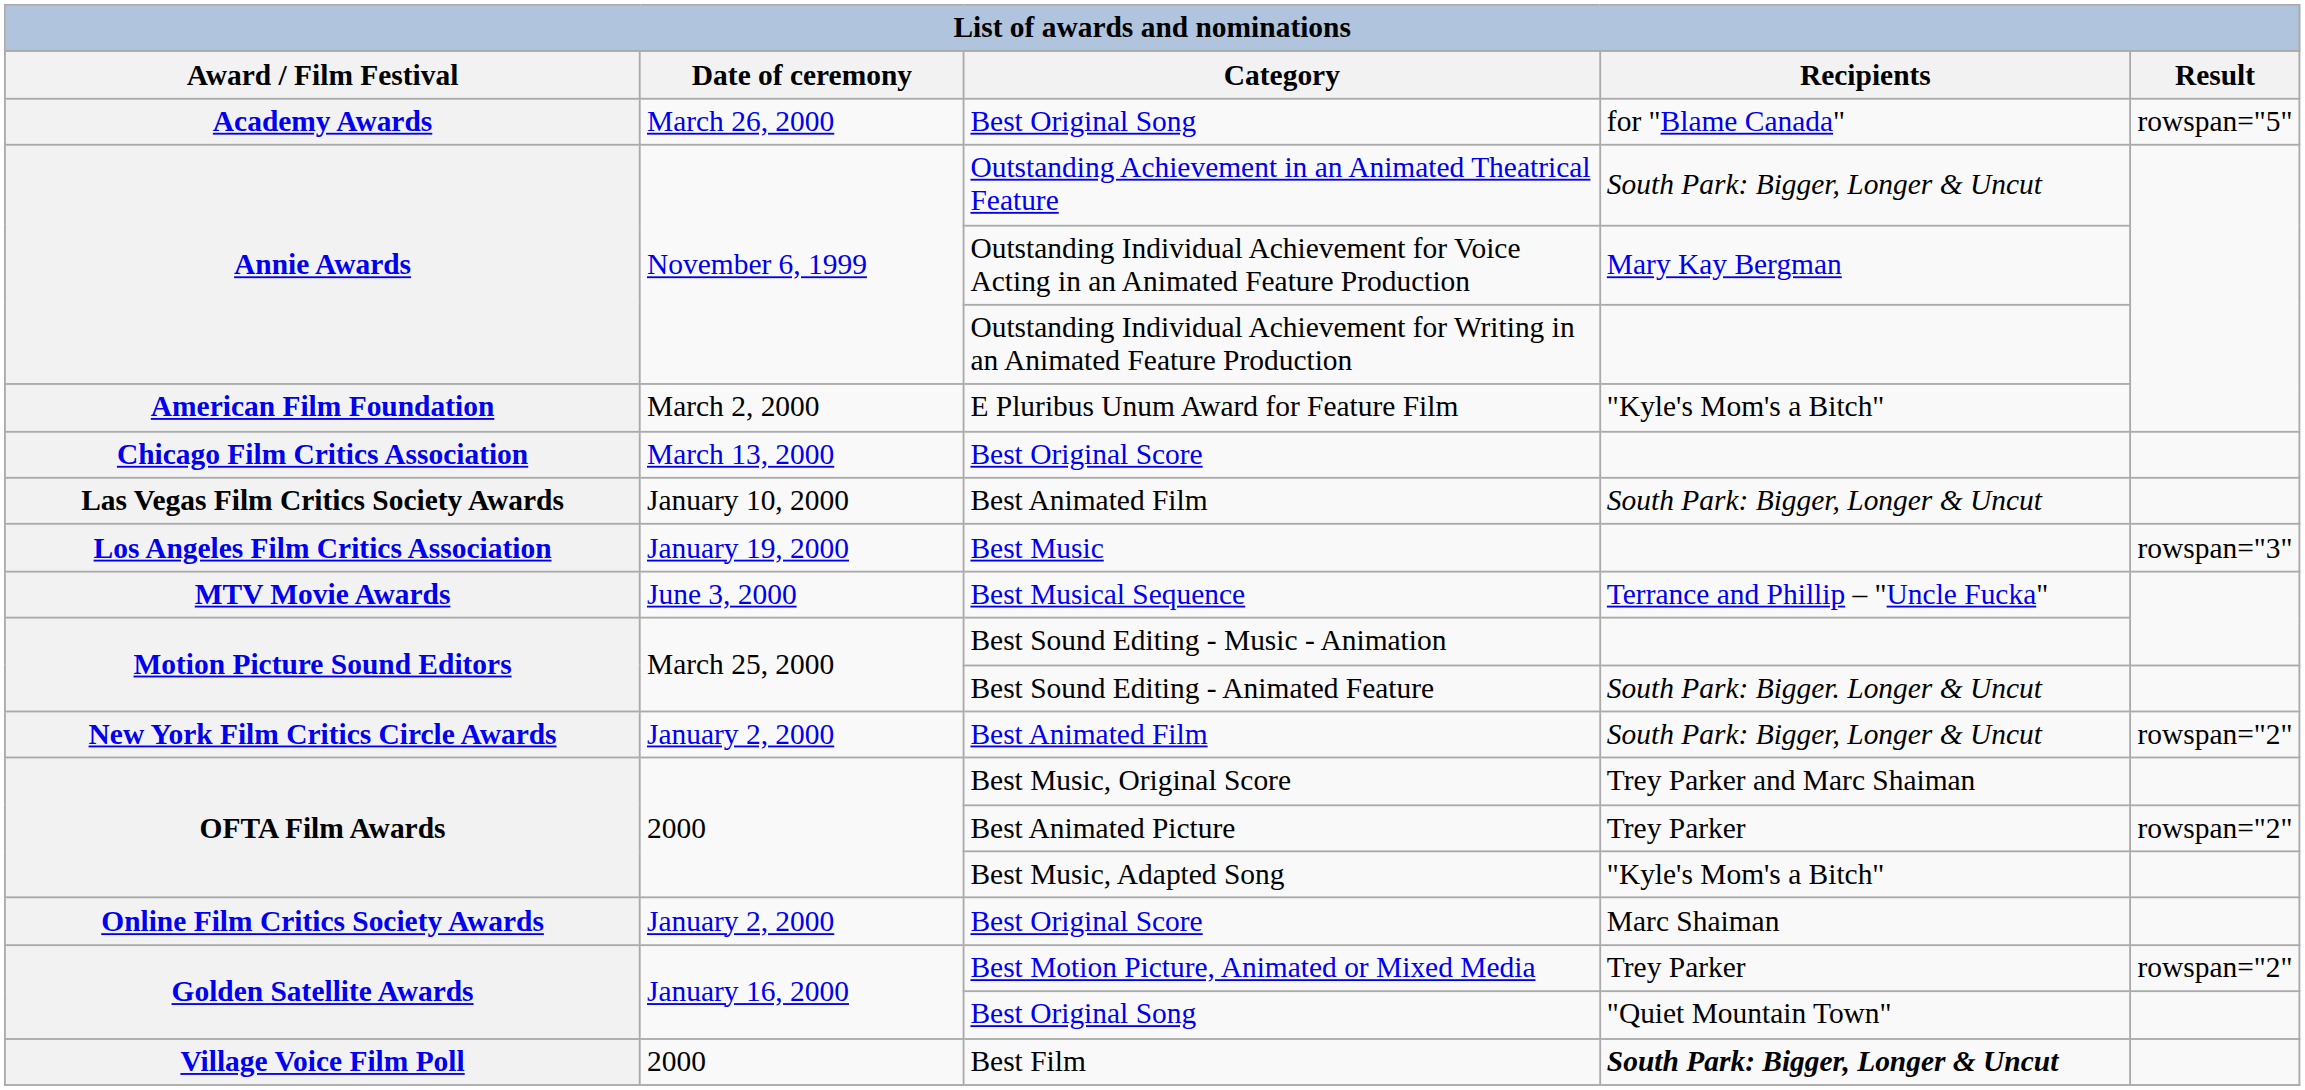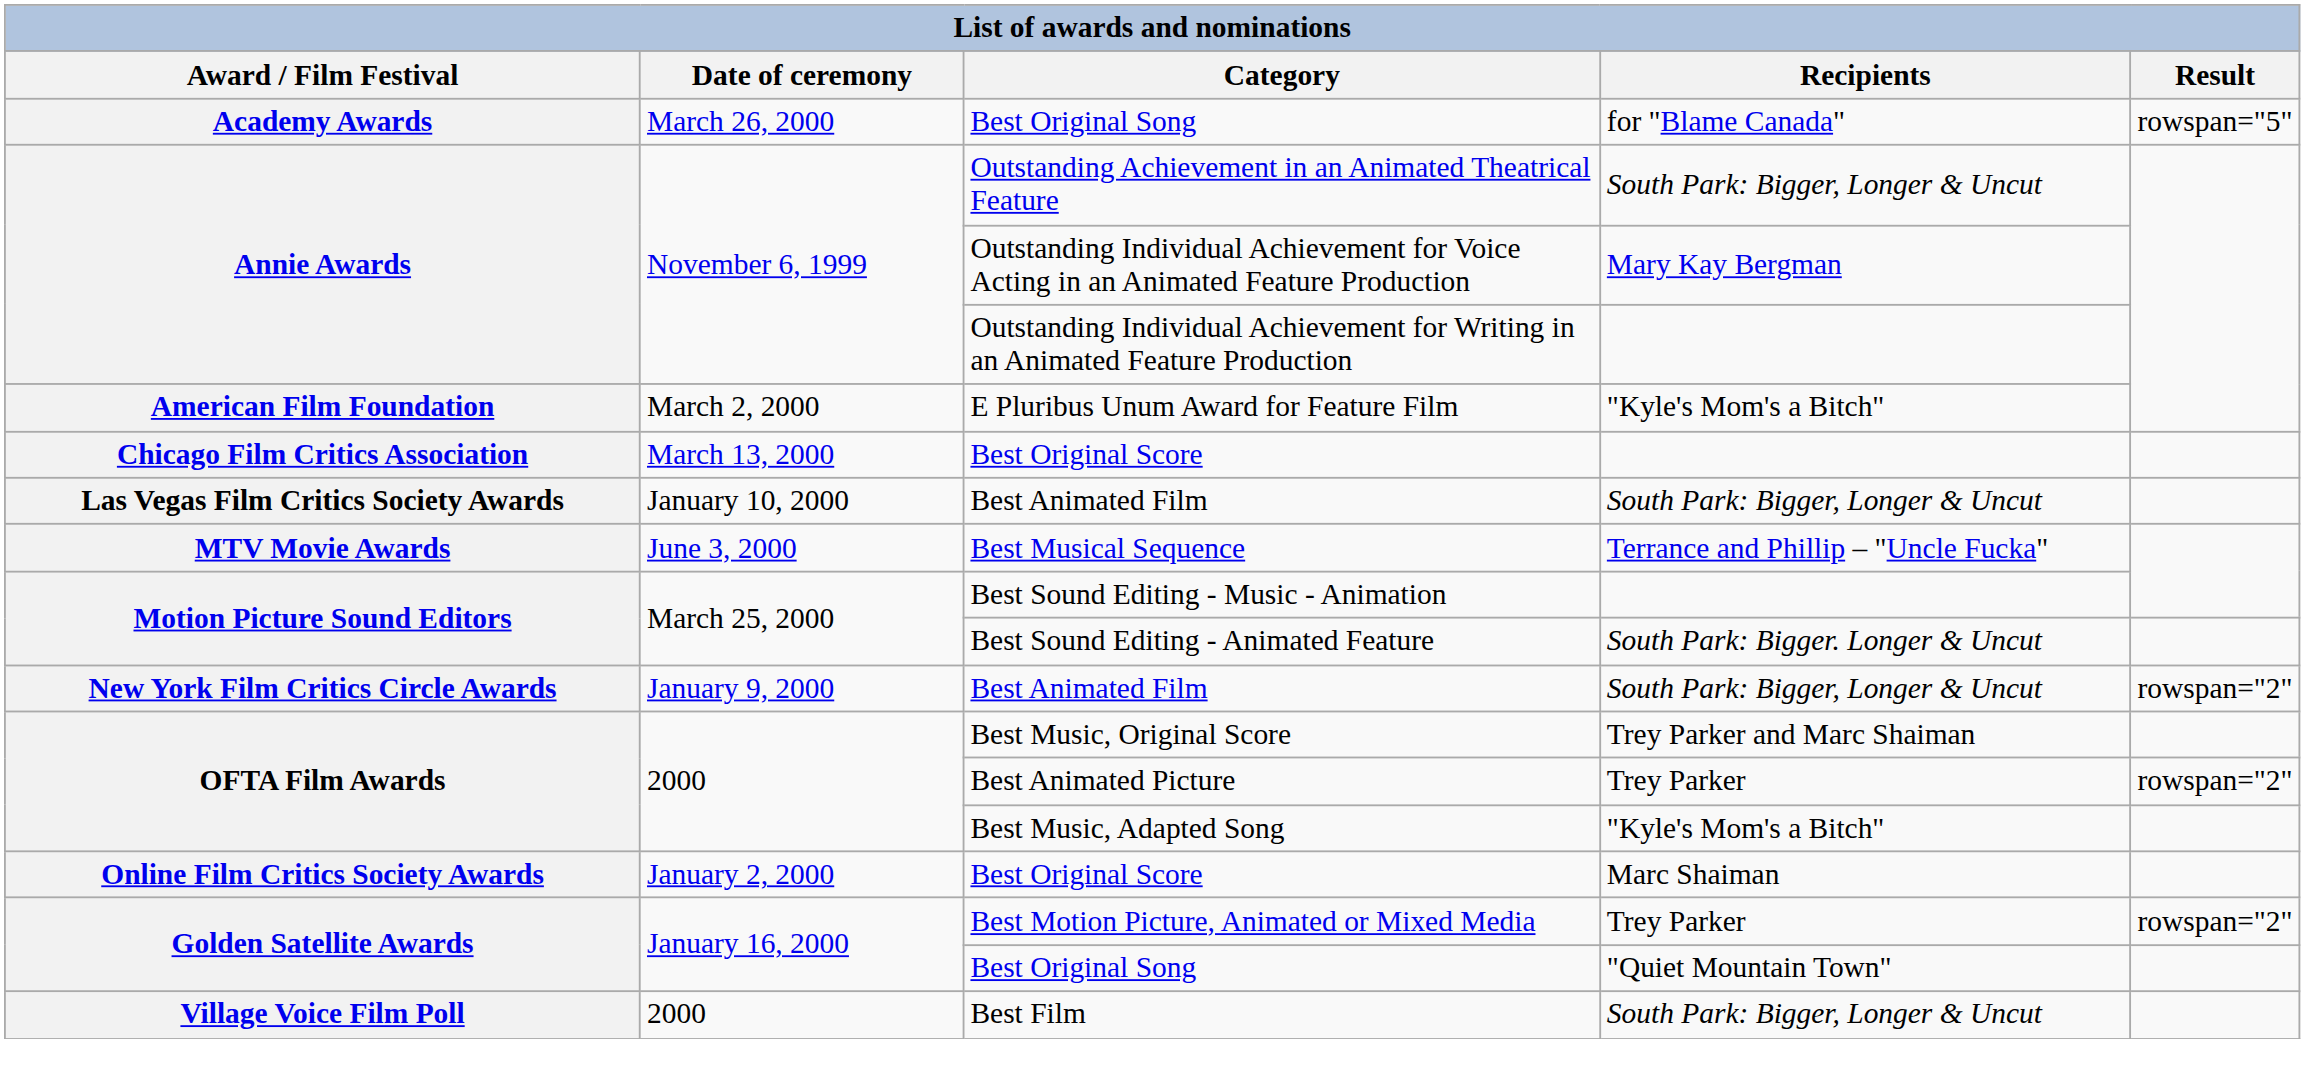 <table class="wikitable sortable">
 <tr style="text-align:center;">
 <th colspan=5 style="background:#B0C4DE;">List of awards and nominations</th>
 </tr>
 <tr style="text-align:center;">
 <th scope="col" style="width:30%;">Award / Film Festival</th>
 <th scope="col" style="width:15%;">Date of ceremony</th>
 <th scope="col" style="width:30%;">Category</th>
 <th scope="col" style="width:30%;">Recipients</th>
 <th scope="col" style="width:15%;">Result</th>
 </tr>
 <tr>
 <th><a href='#'>Academy Awards</a></th>
 <td><a href='#'>March 26, 2000</a></td>
 <td><a href='#'>Best Original Song</a></td>
 <td> for "<a href='#'>Blame Canada</a>"</td>
 <td>rowspan="5" </td>
 </tr>
 <tr>
 <th scope="row" rowspan="3"><a href='#'>Annie Awards</a></th>
 <td rowspan="3"><a href='#'>November 6, 1999</a></td>
 <td><a href='#'>Outstanding Achievement in an Animated Theatrical Feature</a></td>
 <td><em>South Park: Bigger, Longer & Uncut</em></td>
 </tr>
 <tr>
 <td>Outstanding Individual Achievement for Voice Acting in an Animated Feature Production</td>
 <td><a href='#'>Mary Kay Bergman</a></td>
 </tr>
 <tr>
 <td>Outstanding Individual Achievement for Writing in an Animated Feature Production</td>
 <td></td>
 </tr>
 <tr>
 <th><a href='#'>American Film Foundation</a></th>
 <td>March 2, 2000</td>
 <td>E Pluribus Unum Award for Feature Film</td>
 <td>"Kyle's Mom's a Bitch"</td>
 </tr>
 <tr>
 <th><a href='#'>Chicago Film Critics Association</a></th>
 <td><a href='#'>March 13, 2000</a></td>
 <td><a href='#'>Best Original Score</a></td>
 <td></td>
 <td></td>
 </tr>
 <tr>
 <th>Las Vegas Film Critics Society Awards</th>
 <td>January 10, 2000</td>
 <td>Best Animated Film</td>
 <td><em>South Park: Bigger, Longer & Uncut</em></td>
 <td></td>
 </tr>
 <tr>
-<th><a href='#'>Los Angeles Film Critics Association</a></th>
-<td><a href='#'>January 19, 2000</a></td>
-<td><a href='#'>Best Music</a></td>
-<td></td>
-<td>rowspan="3" </td>
-</tr>
-<tr>
 <th><a href='#'>MTV Movie Awards</a></th>
 <td><a href='#'>June 3, 2000</a></td>
 <td><a href='#'>Best Musical Sequence</a></td>
 <td><a href='#'>Terrance and Phillip</a> – "<a href='#'>Uncle Fucka</a>"</td>
 </tr>
 <tr>
 <th scope="row" rowspan="2"><a href='#'>Motion Picture Sound Editors</a></th>
 <td rowspan="2">March 25, 2000</td>
 <td>Best Sound Editing - Music - Animation</td>
 <td></td>
 </tr>
 <tr>
 <td>Best Sound Editing - Animated Feature</td>
 <td><em>South Park: Bigger. Longer & Uncut</em></td>
 <td></td>
 </tr>
 <tr>
 <th><a href='#'>New York Film Critics Circle Awards</a></th>
-<td><a href='#'>January 2, 2000</a></td>
+<td><a href='#'>January 9, 2000</a></td>
 <td><a href='#'>Best Animated Film</a></td>
 <td><em>South Park: Bigger, Longer & Uncut</em></td>
 <td>rowspan="2" </td>
 </tr>
 <tr>
 <th scope="row" rowspan="3">OFTA Film Awards</th>
 <td rowspan="3">2000</td>
 <td>Best Music, Original Score</td>
 <td>Trey Parker and Marc Shaiman</td>
 </tr>
 <tr>
 <td>Best Animated Picture</td>
 <td>Trey Parker</td>
 <td>rowspan="2" </td>
 </tr>
 <tr>
 <td>Best Music, Adapted Song</td>
 <td>"Kyle's Mom's a Bitch"</td>
 </tr>
 <tr>
 <th><a href='#'>Online Film Critics Society Awards</a></th>
 <td><a href='#'>January 2, 2000</a></td>
 <td><a href='#'>Best Original Score</a></td>
 <td>Marc Shaiman</td>
 <td></td>
 </tr>
 <tr>
 <th scope="row" rowspan="2"><a href='#'>Golden Satellite Awards</a></th>
 <td rowspan="2"><a href='#'>January 16, 2000</a></td>
 <td><a href='#'>Best Motion Picture, Animated or Mixed Media</a></td>
 <td>Trey Parker</td>
 <td>rowspan="2" </td>
 </tr>
 <tr>
 <td><a href='#'>Best Original Song</a></td>
 <td>"Quiet Mountain Town"</td>
 </tr>
 <tr>
 <th><a href='#'>Village Voice Film Poll</a></th>
 <td>2000</td>
 <td>Best Film</td>
-<td><strong><em>South Park: Bigger, Longer & Uncut</em></strong></td>
+<td><em>South Park: Bigger, Longer & Uncut</em></td>
 <td></td>
 </tr>
 </table>
